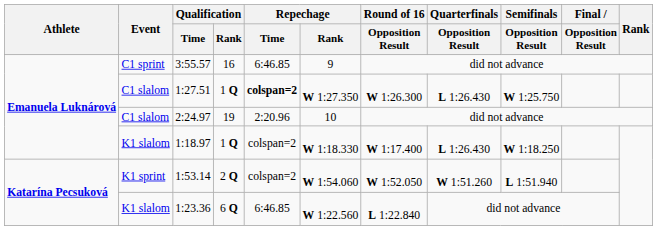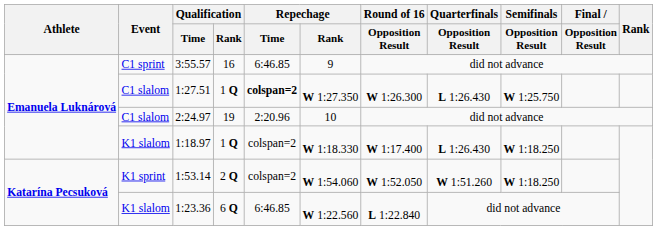 <table class="wikitable" style="font-size:90%">
 <tr>
 <th rowspan=2>Athlete</th>
 <th rowspan=2>Event</th>
 <th colspan=2>Qualification</th>
 <th colspan=2>Repechage</th>
 <th>Round of 16</th>
 <th>Quarterfinals</th>
 <th>Semifinals</th>
 <th>Final / </th>
 <th rowspan=2>Rank</th>
 </tr>
 <tr style="font-size:95%">
 <th>Time</th>
 <th>Rank</th>
 <th>Time</th>
 <th>Rank</th>
 <th>Opposition <br>Result</th>
 <th>Opposition <br>Result</th>
 <th>Opposition <br>Result</th>
 <th>Opposition <br>Result</th>
 </tr>
 <tr align="center">
 <td align="left" rowspan=4><strong><a href='#'>Emanuela Luknárová</a></strong></td>
 <td align="left"><a href='#'>C1 sprint</a></td>
 <td>3:55.57</td>
 <td>16</td>
 <td>6:46.85</td>
 <td>9</td>
 <td colspan="5">did not advance</td>
 </tr>
 <tr align=center>
 <td align="left"><a href='#'>C1 slalom</a></td>
 <td>1:27.51</td>
 <td>1 <strong>Q</strong></td>
 <td><strong>colspan=2 </strong></td>
 <td><br><strong>W</strong> 1:27.350</td>
 <td><br><strong>W</strong> 1:26.300</td>
 <td><br><strong>L</strong> 1:26.430</td>
 <td><br><strong>W</strong> 1:25.750</td>
 <td></td>
 </tr>
 <tr align=center>
 <td align="left"><a href='#'>C1 slalom</a></td>
 <td>2:24.97</td>
 <td>19</td>
 <td>2:20.96</td>
 <td>10</td>
 <td colspan="5">did not advance</td>
 </tr>
 <tr align=center>
 <td align="left"><a href='#'>K1 slalom</a></td>
 <td>1:18.97</td>
 <td>1 <strong>Q</strong></td>
 <td>colspan=2 </td>
 <td><br><strong>W</strong> 1:18.330</td>
 <td><br><strong>W</strong> 1:17.400</td>
 <td><br><strong>L</strong> 1:26.430</td>
 <td><br><strong>W</strong> 1:18.250</td>
 <td></td>
 </tr>
 <tr align=center>
 <td align="left" rowspan=2><strong><a href='#'>Katarína Pecsuková</a></strong></td>
 <td align="left"><a href='#'>K1 sprint</a></td>
 <td>1:53.14</td>
 <td>2 <strong>Q</strong></td>
 <td>colspan=2 </td>
 <td><br><strong>W</strong> 1:54.060</td>
 <td><br><strong>W</strong> 1:52.050</td>
 <td><br><strong>W</strong> 1:51.260</td>
-<td><br><strong>L</strong> 1:51.940</td>
+<td><br><strong>W</strong> 1:18.250</td>
 <td></td>
 </tr>
 <tr align=center>
 <td align="left"><a href='#'>K1 slalom</a></td>
 <td>1:23.36</td>
 <td>6 <strong>Q</strong></td>
 <td>6:46.85</td>
 <td><br><strong>W</strong> 1:22.560</td>
 <td><br><strong>L</strong> 1:22.840</td>
 <td colspan=3>did not advance</td>
 </tr>
 </table>
